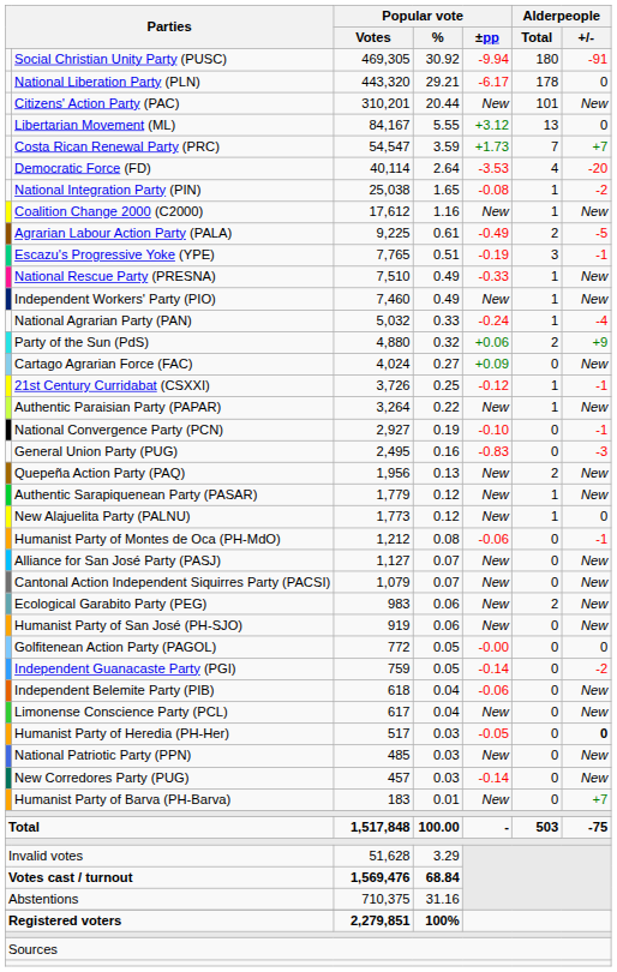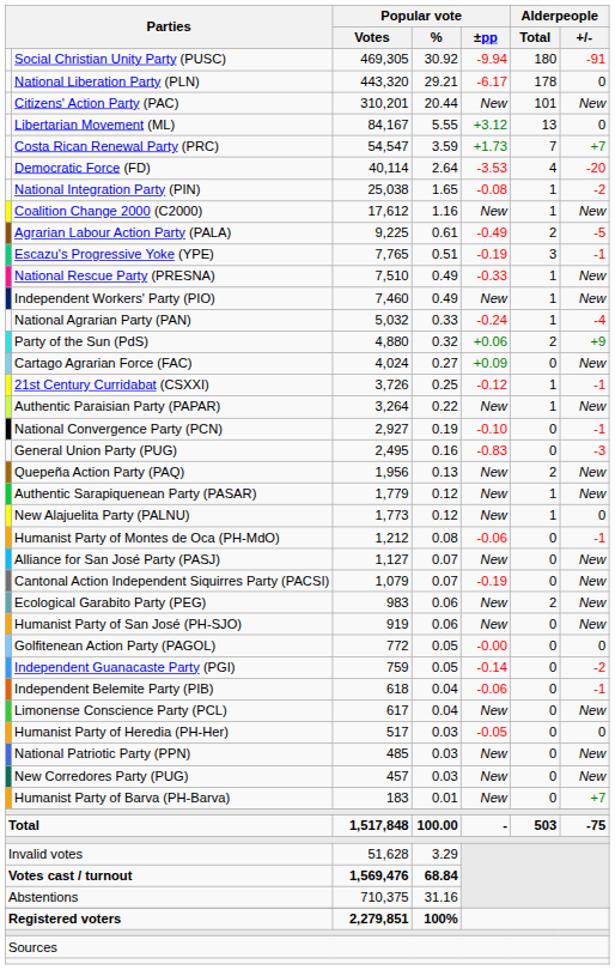 <table class="wikitable" style="text-align:right; font-size:97%;">
 <tr>
 <th style="text-align:centre;" rowspan="2" colspan="2" width="250">Parties</th>
 <th colspan="3">Popular vote</th>
 <th colspan="2">Alderpeople</th>
 </tr>
 <tr>
 <th width="85">Votes</th>
 <th width="50">%</th>
 <th width="50">±<a href='#'>pp</a></th>
 <th width="50">Total</th>
 <th width="50">+/-</th>
 </tr>
 <tr>
 <td style="color:inherit;background:"></td>
 <td align="left"><a href='#'>Social Christian Unity Party</a> (PUSC)</td>
 <td>469,305</td>
 <td>30.92</td>
 <td style="color:red;">-9.94</td>
 <td>180</td>
 <td style="color:red;">-91</td>
 </tr>
 <tr>
 <td style="color:inherit;background:"></td>
 <td align="left"><a href='#'>National Liberation Party</a> (PLN)</td>
 <td>443,320</td>
 <td>29.21</td>
 <td style="color:red;">-6.17</td>
 <td>178</td>
 <td>0</td>
 </tr>
 <tr>
 <td style="color:inherit;background:"></td>
 <td align="left"><a href='#'>Citizens' Action Party</a> (PAC)</td>
 <td>310,201</td>
 <td>20.44</td>
 <td><em>New</em></td>
 <td>101</td>
 <td><em>New</em></td>
 </tr>
 <tr>
 <td style="color:inherit;background:"></td>
 <td align="left"><a href='#'>Libertarian Movement</a> (ML)</td>
 <td>84,167</td>
 <td>5.55</td>
 <td style="color:green;">+3.12</td>
 <td>13</td>
 <td>0</td>
 </tr>
 <tr>
 <td style="color:inherit;background:"></td>
 <td align="left"><a href='#'>Costa Rican Renewal Party</a> (PRC)</td>
 <td>54,547</td>
 <td>3.59</td>
 <td style="color:green;">+1.73</td>
 <td>7</td>
 <td style="color:green;">+7</td>
 </tr>
 <tr>
 <td style="color:inherit;background:"></td>
 <td align="left"><a href='#'>Democratic Force</a> (FD)</td>
 <td>40,114</td>
 <td>2.64</td>
 <td style="color:red;">-3.53</td>
 <td>4</td>
 <td style="color:red;">-20</td>
 </tr>
 <tr>
 <td style="color:inherit;background:"></td>
 <td align="left"><a href='#'>National Integration Party</a> (PIN)</td>
 <td>25,038</td>
 <td>1.65</td>
 <td style="color:red;">-0.08</td>
 <td>1</td>
 <td style="color:red;">-2</td>
 </tr>
 <tr>
 <td bgcolor="yellow"></td>
 <td align="left"><a href='#'>Coalition Change 2000</a> (C2000)</td>
 <td>17,612</td>
 <td>1.16</td>
 <td><em>New</em></td>
 <td>1</td>
 <td><em>New</em></td>
 </tr>
 <tr>
 <td style="color:inherit;background:#8f5100"></td>
 <td align="left"><a href='#'>Agrarian Labour Action Party</a> (PALA)</td>
 <td>9,225</td>
 <td>0.61</td>
 <td style="color:red;">-0.49</td>
 <td>2</td>
 <td style="color:red;">-5</td>
 </tr>
 <tr>
 <td style="color:inherit;background:#00d081"></td>
 <td align="left"><a href='#'>Escazu's Progressive Yoke</a> (YPE)</td>
 <td>7,765</td>
 <td>0.51</td>
 <td style="color:red;">-0.19</td>
 <td>3</td>
 <td style="color:red;">-1</td>
 </tr>
 <tr>
 <td style="color:inherit;background:#FF1493"></td>
 <td align="left"><a href='#'>National Rescue Party</a> (PRESNA)</td>
 <td>7,510</td>
 <td>0.49</td>
 <td style="color:red;">-0.33</td>
 <td>1</td>
 <td><em>New</em></td>
 </tr>
 <tr>
 <td style="color:inherit;background:#002373"></td>
 <td align="left">Independent Workers' Party (PIO)</td>
 <td>7,460</td>
 <td>0.49</td>
 <td><em>New</em></td>
 <td>1</td>
 <td><em>New</em></td>
 </tr>
 <tr>
 <td style="color:inherit;background:"></td>
 <td align="left">National Agrarian Party (PAN)</td>
 <td>5,032</td>
 <td>0.33</td>
 <td style="color:red;">-0.24</td>
 <td>1</td>
 <td style="color:red;">-4</td>
 </tr>
 <tr>
 <td style="color:inherit;background:#27E3E5"></td>
 <td align="left">Party of the Sun (PdS)</td>
 <td>4,880</td>
 <td>0.32</td>
 <td style="color:green;">+0.06</td>
 <td>2</td>
 <td style="color:green;">+9</td>
 </tr>
 <tr>
 <td bgcolor="SkyBlue"></td>
 <td align="left">Cartago Agrarian Force (FAC)</td>
 <td>4,024</td>
 <td>0.27</td>
 <td style="color:green;">+0.09</td>
 <td>0</td>
 <td><em>New</em></td>
 </tr>
 <tr>
 <td style="color:inherit;background:#ffff00"></td>
 <td align="left"><a href='#'>21st Century Curridabat</a> (CSXXI)</td>
 <td>3,726</td>
 <td>0.25</td>
 <td style="color:red;">-0.12</td>
 <td>1</td>
 <td style="color:red;">-1</td>
 </tr>
 <tr>
 <td style="color:inherit;background:#c8ff45"></td>
 <td align="left">Authentic Paraisian Party (PAPAR)</td>
 <td>3,264</td>
 <td>0.22</td>
 <td><em>New</em></td>
 <td>1</td>
 <td><em>New</em></td>
 </tr>
 <tr>
 <td bgcolor="black"></td>
 <td align="left">National Convergence Party (PCN)</td>
 <td>2,927</td>
 <td>0.19</td>
 <td style="color:red;">-0.10</td>
 <td>0</td>
 <td style="color:red;">-1</td>
 </tr>
 <tr>
 <td style="color:inherit;background:"></td>
 <td align="left">General Union Party (PUG)</td>
 <td>2,495</td>
 <td>0.16</td>
 <td style="color:red;">-0.83</td>
 <td>0</td>
 <td style="color:red;">-3</td>
 </tr>
 <tr>
 <td style="color:inherit;background:#a26900"></td>
 <td align="left">Quepeña Action Party (PAQ)</td>
 <td>1,956</td>
 <td>0.13</td>
 <td><em>New</em></td>
 <td>2</td>
 <td><em>New</em></td>
 </tr>
 <tr>
 <td style="color:inherit;background:#00d02f"></td>
 <td align="left">Authentic Sarapiquenean Party (PASAR)</td>
 <td>1,779</td>
 <td>0.12</td>
 <td><em>New</em></td>
 <td>1</td>
 <td><em>New</em></td>
 </tr>
 <tr>
 <td bgcolor="yellow"></td>
 <td align="left">New Alajuelita Party (PALNU)</td>
 <td>1,773</td>
 <td>0.12</td>
 <td><em>New</em></td>
 <td>1</td>
 <td>0</td>
 </tr>
 <tr>
 <td bgcolor="orange"></td>
 <td align="left">Humanist Party of Montes de Oca (PH-MdO)</td>
 <td>1,212</td>
 <td>0.08</td>
 <td style="color:red;">-0.06</td>
 <td>0</td>
 <td style="color:red;">-1</td>
 </tr>
 <tr>
 <td style="color:inherit;background:#00BFFF"></td>
 <td align="left">Alliance for San José Party (PASJ)</td>
 <td>1,127</td>
 <td>0.07</td>
 <td><em>New</em></td>
 <td>0</td>
 <td><em>New</em></td>
 </tr>
 <tr>
 <td style="color:inherit;background:#707070"></td>
 <td align="left">Cantonal Action Independent Siquirres Party (PACSI)</td>
 <td>1,079</td>
 <td>0.07</td>
-<td><em>New</em></td>
+<td style="color:red;">-0.19</td>
 <td>0</td>
 <td><em>New</em></td>
 </tr>
 <tr>
 <td style="color:inherit;background:#61A5AE"></td>
 <td align="left">Ecological Garabito Party (PEG)</td>
 <td>983</td>
 <td>0.06</td>
 <td><em>New</em></td>
 <td>2</td>
 <td><em>New</em></td>
 </tr>
 <tr>
 <td bgcolor="orange"></td>
 <td align="left">Humanist Party of San José (PH-SJO)</td>
 <td>919</td>
 <td>0.06</td>
 <td><em>New</em></td>
 <td>0</td>
 <td><em>New</em></td>
 </tr>
 <tr>
 <td style="color:inherit;background:#7DC9FF"></td>
 <td align="left">Golfitenean Action Party (PAGOL)</td>
 <td>772</td>
 <td>0.05</td>
 <td style="color:red;">-0.00</td>
 <td>0</td>
 <td>0</td>
 </tr>
 <tr>
 <td style="color:inherit;background:#2e9eff"></td>
 <td align="left"><a href='#'>Independent Guanacaste Party</a> (PGI)</td>
 <td>759</td>
 <td>0.05</td>
 <td style="color:red;">-0.14</td>
 <td>0</td>
 <td style="color:red;">-2</td>
 </tr>
 <tr>
 <td style="color:inherit;background:#e76100"></td>
 <td align="left">Independent Belemite Party (PIB)</td>
 <td>618</td>
 <td>0.04</td>
 <td style="color:red;">-0.06</td>
 <td>0</td>
-<td><em>New</em></td>
+<td style="color:red;">-1</td>
 </tr>
 <tr>
 <td bgcolor="limegreen"></td>
 <td align="left">Limonense Conscience Party (PCL)</td>
 <td>617</td>
 <td>0.04</td>
 <td><em>New</em></td>
 <td>0</td>
 <td><em>New</em></td>
 </tr>
 <tr>
 <td bgcolor="orange"></td>
 <td align="left">Humanist Party of Heredia (PH-Her)</td>
 <td>517</td>
 <td>0.03</td>
 <td style="color:red;">-0.05</td>
 <td>0</td>
-<td><strong>0</strong></td>
+<td>0</td>
 </tr>
 <tr>
 <td bgcolor="royalblue"></td>
 <td align="left">National Patriotic Party (PPN)</td>
 <td>485</td>
 <td>0.03</td>
 <td><em>New</em></td>
 <td>0</td>
 <td><em>New</em></td>
 </tr>
 <tr>
 <td style="color:inherit;background:#00735b"></td>
 <td align="left">New Corredores Party (PUG)</td>
 <td>457</td>
 <td>0.03</td>
-<td style="color:red;">-0.14</td>
+<td><em>New</em></td>
 <td>0</td>
 <td><em>New</em></td>
 </tr>
 <tr>
 <td bgcolor="orange"></td>
 <td align="left">Humanist Party of Barva (PH-Barva)</td>
 <td>183</td>
 <td>0.01</td>
 <td><em>New</em></td>
 <td>0</td>
 <td style="color:green;">+7</td>
 </tr>
 <tr>
 <td colspan="7" bgcolor="#E9E9E9"></td>
 </tr>
 <tr style="font-weight:bold;">
 <td align="left" colspan="2">Total</td>
 <td>1,517,848</td>
 <td>100.00</td>
 <td>-</td>
 <td>503</td>
 <td>-75</td>
 </tr>
 <tr>
 <td colspan="7" bgcolor="#E9E9E9"></td>
 </tr>
 <tr>
 <td align="left" colspan="2">Invalid votes</td>
 <td>51,628</td>
 <td>3.29</td>
 <td bgcolor="#E9E9E9" rowspan= "4" colspan="3"></td>
 </tr>
 <tr style="font-weight:bold;">
 <td align="left" colspan="2">Votes cast / turnout</td>
 <td>1,569,476</td>
 <td>68.84</td>
 </tr>
 <tr>
 <td align="left" colspan="2">Abstentions</td>
 <td>710,375</td>
 <td>31.16</td>
 </tr>
 <tr style="font-weight:bold;">
 </tr>
 <tr>
 <td align="left" colspan="2"><strong>Registered voters</strong></td>
 <td><strong>2,279,851</strong></td>
 <td><strong>100%</strong></td>
 </tr>
 <tr>
 <td colspan="7" bgcolor="#E9E9E9"></td>
 </tr>
 <tr>
 <td align="left" colspan="7">Sources</td>
 </tr>
 <tr>
 <td align="left" colspan="7"></td>
 </tr>
 </table>
